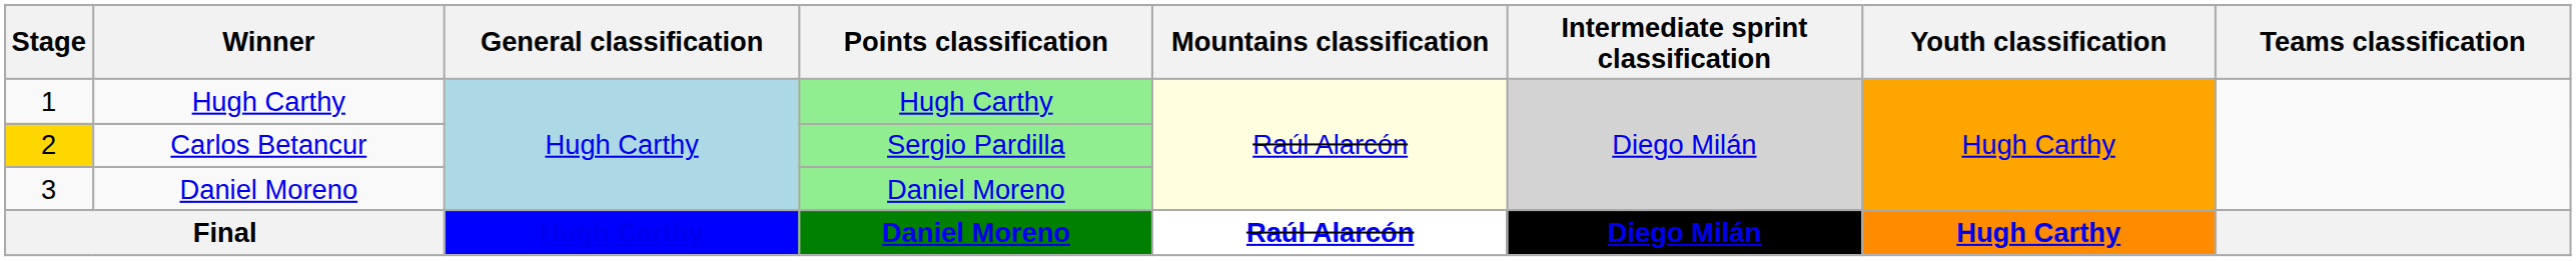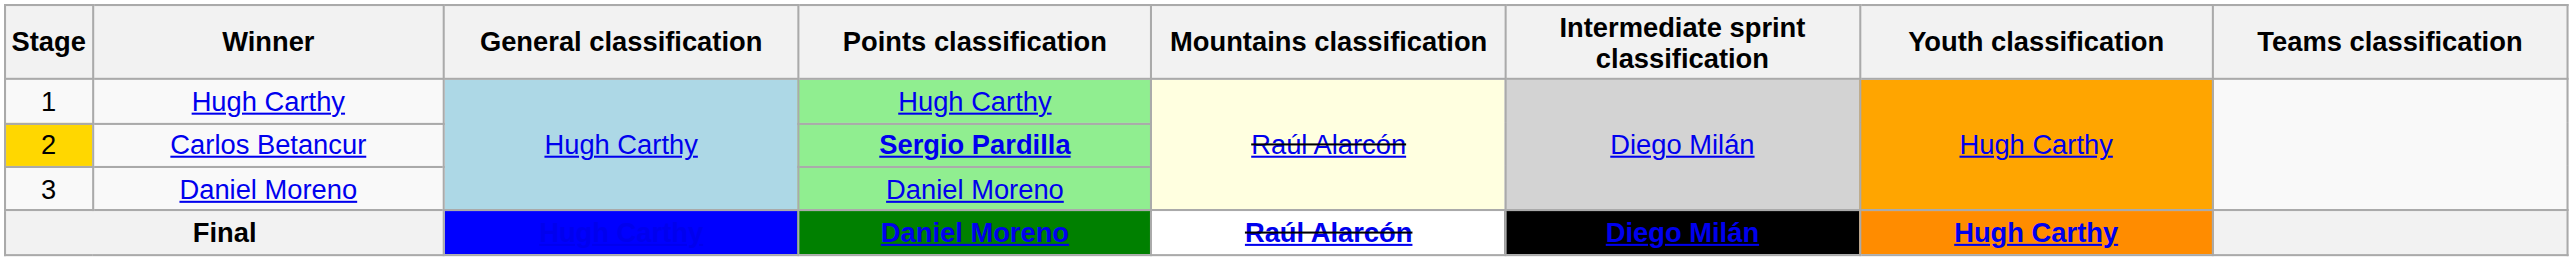 <table class=wikitable style="text-align: center; font-size:smaller;">
 <tr>
 <th style="width:1%;">Stage</th>
 <th style="width:14%;">Winner</th>
 <th style="width:14%;"><strong>General classification</strong><br></th>
 <th style="width:14%;"><strong>Points classification</strong><br></th>
 <th style="width:14%;"><strong>Mountains classification</strong><br></th>
 <th style="width:14%;"><strong>Intermediate sprint classification</strong><br></th>
 <th style="width:14%;"><strong>Youth classification</strong><br></th>
 <th style="width:14%;"><strong>Teams classification</strong></th>
 </tr>
 <tr>
 <td>1</td>
 <td><a href='#'>Hugh Carthy</a></td>
 <td style="background:lightblue;" rowspan=3><a href='#'>Hugh Carthy</a></td>
 <td style="background:lightgreen;"><a href='#'>Hugh Carthy</a></td>
 <td style="background:lightyellow" rowspan=3><s><a href='#'>Raúl Alarcón</a></s></td>
 <td style="background:lightgrey;" rowspan=3><a href='#'>Diego Milán</a></td>
 <td style="background:orange;" rowspan=3><a href='#'>Hugh Carthy</a></td>
 <td rowspan=3></td>
 </tr>
 <tr>
 <td style="background: gold;">2</td>
 <td><a href='#'>Carlos Betancur</a></td>
-<td style="background:lightgreen;"><a href='#'>Sergio Pardilla</a></td>
+<td style="background:lightgreen;"><strong><a href='#'>Sergio Pardilla</a></strong></td>
 </tr>
 <tr>
 <td>3</td>
 <td><a href='#'>Daniel Moreno</a></td>
 <td style="background:lightgreen;"><a href='#'>Daniel Moreno</a></td>
 </tr>
 <tr>
 <th colspan=2><strong>Final</strong></th>
 <th style="background:blue;"><a href='#'><span>Hugh Carthy</span></a></th>
 <th style="background:green;"><a href='#'><span>Daniel Moreno</span></a></th>
 <th style="background:white;"><s><a href='#'><span>Raúl Alarcón</span></a></s></th>
 <th style="background:black;"><a href='#'><span>Diego Milán</span></a></th>
 <th style="background:darkorange;"><a href='#'><span>Hugh Carthy</span></a></th>
 <th style="background:offwhite;"></th>
 </tr>
 </table>
